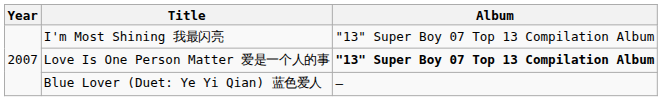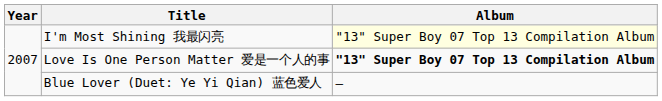 <table class="wikitable">
 <tr>
 <th>Year</th>
 <th>Title</th>
 <th>Album</th>
 </tr>
 <tr>
 <td rowspan="3">2007</td>
 <td>I'm Most Shining 我最闪亮</td>
-<td>"13" Super Boy 07 Top 13 Compilation Album</td>
+<td style="background: lightyellow;">"13" Super Boy 07 Top 13 Compilation Album</td>
 </tr>
 <tr>
 <td>Love Is One Person Matter 爱是一个人的事</td>
 <td><strong>"13" Super Boy 07 Top 13 Compilation Album</strong></td>
 </tr>
 <tr>
 <td>Blue Lover (Duet: Ye Yi Qian) 蓝色爱人</td>
 <td>–</td>
 </tr>
 </table>
